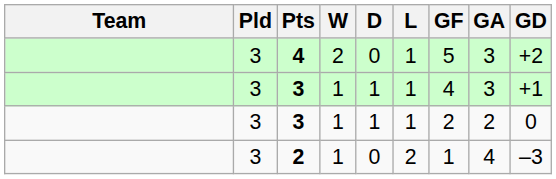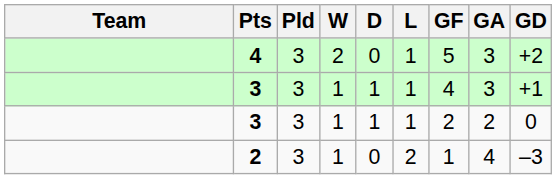 <table class=wikitable style="text-align:center">
 <tr>
 <th width=165>Team</th>
+<th width=20>Pts</th>
 <th width=20>Pld</th>
-<th width=20>Pts</th>
 <th width=20>W</th>
 <th width=20>D</th>
 <th width=20>L</th>
 <th width=20>GF</th>
 <th width=20>GA</th>
 <th width=20>GD</th>
 </tr>
 <tr align=center style="background:#ccffcc;">
 <td style="text-align:left;"></td>
+<td><strong>4</strong></td>
 <td>3</td>
-<td><strong>4</strong></td>
 <td>2</td>
 <td>0</td>
 <td>1</td>
 <td>5</td>
 <td>3</td>
 <td>+2</td>
 </tr>
 <tr align=center style="background:#ccffcc;">
 <td style="text-align:left;"></td>
+<td><strong>3</strong></td>
 <td>3</td>
-<td><strong>3</strong></td>
 <td>1</td>
 <td>1</td>
 <td>1</td>
 <td>4</td>
 <td>3</td>
 <td>+1</td>
 </tr>
 <tr align=center>
 <td style="text-align:left;"></td>
+<td><strong>3</strong></td>
 <td>3</td>
-<td><strong>3</strong></td>
 <td>1</td>
 <td>1</td>
 <td>1</td>
 <td>2</td>
 <td>2</td>
 <td>0</td>
 </tr>
 <tr align=center>
 <td style="text-align:left;"></td>
+<td><strong>2</strong></td>
 <td>3</td>
-<td><strong>2</strong></td>
 <td>1</td>
 <td>0</td>
 <td>2</td>
 <td>1</td>
 <td>4</td>
 <td>–3</td>
 </tr>
 </table>
